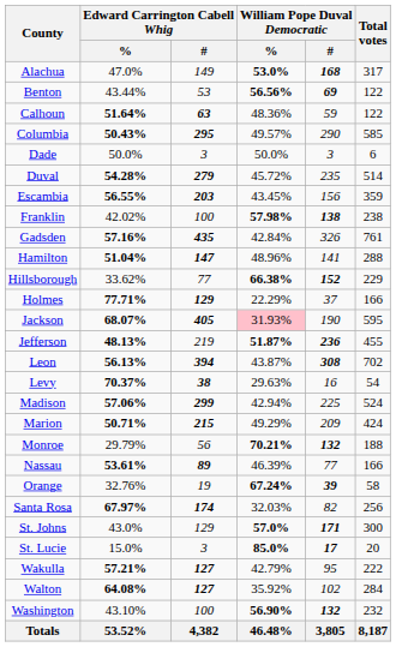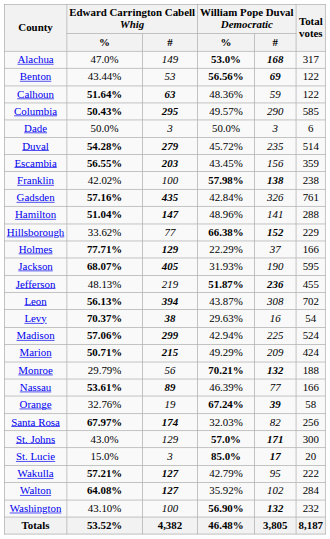 <table class="wikitable sortable">
 <tr>
 <th rowspan="2" colspan="1" style="text-align:center">County</th>
 <th colspan="2" >Edward Carrington Cabell<br><em>Whig</em></th>
 <th colspan="2" style="text-align: center;" >William Pope Duval<br><em>Democratic</em></th>
 <th rowspan="2" colspan="1" style="text-align: center;">Total<br>votes</th>
 </tr>
 <tr>
 <th colspan="1" style="text-align: center;" >%</th>
 <th colspan="1" style="text-align: center;" >#</th>
 <th colspan="1" style="text-align: center;" >%</th>
 <th colspan="1" style="text-align: center;" >#</th>
 </tr>
 <tr>
 <td align="center" ><a href='#'>Alachua</a></td>
 <td align="center">47.0%</td>
 <td align="center"><em>149</em></td>
 <td align="center"><strong>53.0%</strong></td>
 <td align="center"><strong><em>168</em></strong></td>
 <td align="center">317</td>
 </tr>
 <tr>
 <td align="center" ><a href='#'>Benton</a></td>
 <td align="center">43.44%</td>
 <td align="center"><em>53</em></td>
 <td align="center"><strong>56.56%</strong></td>
 <td align="center"><strong><em>69</em></strong></td>
 <td align="center">122</td>
 </tr>
 <tr>
 <td align="center" ><a href='#'>Calhoun</a></td>
 <td align="center"><strong>51.64%</strong></td>
 <td align="center"><strong><em>63</em></strong></td>
 <td align="center">48.36%</td>
 <td align="center"><em>59</em></td>
 <td align="center">122</td>
 </tr>
 <tr>
 <td align="center" ><a href='#'>Columbia</a></td>
 <td align="center"><strong>50.43%</strong></td>
 <td align="center"><strong><em>295</em></strong></td>
 <td align="center">49.57%</td>
 <td align="center"><em>290</em></td>
 <td align="center">585</td>
 </tr>
 <tr>
 <td align="center" ><a href='#'>Dade</a></td>
 <td align="center">50.0%</td>
 <td align="center"><em>3</em></td>
 <td align="center">50.0%</td>
 <td align="center"><em>3</em></td>
 <td align="center">6</td>
 </tr>
 <tr>
 <td align="center" ><a href='#'>Duval</a></td>
 <td align="center"><strong>54.28%</strong></td>
 <td align="center"><strong><em>279</em></strong></td>
 <td align="center">45.72%</td>
 <td align="center"><em>235</em></td>
 <td align="center">514</td>
 </tr>
 <tr>
 <td align="center" ><a href='#'>Escambia</a></td>
 <td align="center"><strong>56.55%</strong></td>
 <td align="center"><strong><em>203</em></strong></td>
 <td align="center">43.45%</td>
 <td align="center"><em>156</em></td>
 <td align="center">359</td>
 </tr>
 <tr>
 <td align="center" ><a href='#'>Franklin</a></td>
 <td align="center">42.02%</td>
 <td align="center"><em>100</em></td>
 <td align="center"><strong>57.98%</strong></td>
 <td align="center"><strong><em>138</em></strong></td>
 <td align="center">238</td>
 </tr>
 <tr>
 <td align="center" ><a href='#'>Gadsden</a></td>
 <td align="center"><strong>57.16%</strong></td>
 <td align="center"><strong><em>435</em></strong></td>
 <td align="center">42.84%</td>
 <td align="center"><em>326</em></td>
 <td align="center">761</td>
 </tr>
 <tr>
 <td align="center" ><a href='#'>Hamilton</a></td>
 <td align="center"><strong>51.04%</strong></td>
 <td align="center"><strong><em>147</em></strong></td>
 <td align="center">48.96%</td>
 <td align="center"><em>141</em></td>
 <td align="center">288</td>
 </tr>
 <tr>
 <td align="center" ><a href='#'>Hillsborough</a></td>
 <td align="center">33.62%</td>
 <td align="center"><em>77</em></td>
 <td align="center"><strong>66.38%</strong></td>
 <td align="center"><strong><em>152</em></strong></td>
 <td align="center">229</td>
 </tr>
 <tr>
 <td align="center" ><a href='#'>Holmes</a></td>
 <td align="center"><strong>77.71%</strong></td>
 <td align="center"><strong><em>129</em></strong></td>
 <td align="center">22.29%</td>
 <td align="center"><em>37</em></td>
 <td align="center">166</td>
 </tr>
 <tr>
 <td align="center" ><a href='#'>Jackson</a></td>
 <td align="center"><strong>68.07%</strong></td>
 <td align="center"><strong><em>405</em></strong></td>
-<td align="center" style="background: pink;">31.93%</td>
+<td align="center">31.93%</td>
 <td align="center"><em>190</em></td>
 <td align="center">595</td>
 </tr>
 <tr>
 <td align="center" ><a href='#'>Jefferson</a></td>
-<td align="center"><strong>48.13%</strong></td>
+<td align="center">48.13%</td>
 <td align="center"><em>219</em></td>
 <td align="center"><strong>51.87%</strong></td>
 <td align="center"><strong><em>236</em></strong></td>
 <td align="center">455</td>
 </tr>
 <tr>
 <td align="center" ><a href='#'>Leon</a></td>
 <td align="center"><strong>56.13%</strong></td>
 <td align="center"><strong><em>394</em></strong></td>
 <td align="center">43.87%</td>
-<td align="center"><strong><em>308</em></strong></td>
+<td align="center"><em>308</em></td>
 <td align="center">702</td>
 </tr>
 <tr>
 <td align="center" ><a href='#'>Levy</a></td>
 <td align="center"><strong>70.37%</strong></td>
 <td align="center"><strong><em>38</em></strong></td>
 <td align="center">29.63%</td>
 <td align="center"><em>16</em></td>
 <td align="center">54</td>
 </tr>
 <tr>
 <td align="center" ><a href='#'>Madison</a></td>
 <td align="center"><strong>57.06%</strong></td>
 <td align="center"><strong><em>299</em></strong></td>
 <td align="center">42.94%</td>
 <td align="center"><em>225</em></td>
 <td align="center">524</td>
 </tr>
 <tr>
 <td align="center" ><a href='#'>Marion</a></td>
 <td align="center"><strong>50.71%</strong></td>
 <td align="center"><strong><em>215</em></strong></td>
 <td align="center">49.29%</td>
 <td align="center"><em>209</em></td>
 <td align="center">424</td>
 </tr>
 <tr>
 <td align="center" ><a href='#'>Monroe</a></td>
 <td align="center">29.79%</td>
 <td align="center"><em>56</em></td>
 <td align="center"><strong>70.21%</strong></td>
 <td align="center"><strong><em>132</em></strong></td>
 <td align="center">188</td>
 </tr>
 <tr>
 <td align="center" ><a href='#'>Nassau</a></td>
 <td align="center"><strong>53.61%</strong></td>
 <td align="center"><strong><em>89</em></strong></td>
 <td align="center">46.39%</td>
 <td align="center"><em>77</em></td>
 <td align="center">166</td>
 </tr>
 <tr>
 <td align="center" ><a href='#'>Orange</a></td>
 <td align="center">32.76%</td>
 <td align="center"><em>19</em></td>
 <td align="center"><strong>67.24%</strong></td>
 <td align="center"><strong><em>39</em></strong></td>
 <td align="center">58</td>
 </tr>
 <tr>
 <td align="center" ><a href='#'>Santa Rosa</a></td>
 <td align="center"><strong>67.97%</strong></td>
 <td align="center"><strong><em>174</em></strong></td>
 <td align="center">32.03%</td>
 <td align="center"><em>82</em></td>
 <td align="center">256</td>
 </tr>
 <tr>
 <td align="center" ><a href='#'>St. Johns</a></td>
 <td align="center">43.0%</td>
 <td align="center"><em>129</em></td>
 <td align="center"><strong>57.0%</strong></td>
 <td align="center"><strong><em>171</em></strong></td>
 <td align="center">300</td>
 </tr>
 <tr>
 <td align="center" ><a href='#'>St. Lucie</a></td>
 <td align="center">15.0%</td>
 <td align="center"><em>3</em></td>
 <td align="center"><strong>85.0%</strong></td>
 <td align="center"><strong><em>17</em></strong></td>
 <td align="center">20</td>
 </tr>
 <tr>
 <td align="center" ><a href='#'>Wakulla</a></td>
 <td align="center"><strong>57.21%</strong></td>
 <td align="center"><strong><em>127</em></strong></td>
 <td align="center">42.79%</td>
 <td align="center"><em>95</em></td>
 <td align="center">222</td>
 </tr>
 <tr>
 <td align="center" ><a href='#'>Walton</a></td>
 <td align="center"><strong>64.08%</strong></td>
 <td align="center"><strong><em>127</em></strong></td>
 <td align="center">35.92%</td>
 <td align="center"><em>102</em></td>
 <td align="center">284</td>
 </tr>
 <tr>
 <td align="center" ><a href='#'>Washington</a></td>
 <td align="center">43.10%</td>
 <td align="center"><em>100</em></td>
 <td align="center"><strong>56.90%</strong></td>
 <td align="center"><strong><em>132</em></strong></td>
 <td align="center">232</td>
 </tr>
 <tr>
 <th>Totals</th>
 <th>53.52%</th>
 <th>4,382</th>
 <th>46.48%</th>
 <th>3,805</th>
 <th>8,187</th>
 </tr>
 </table>
